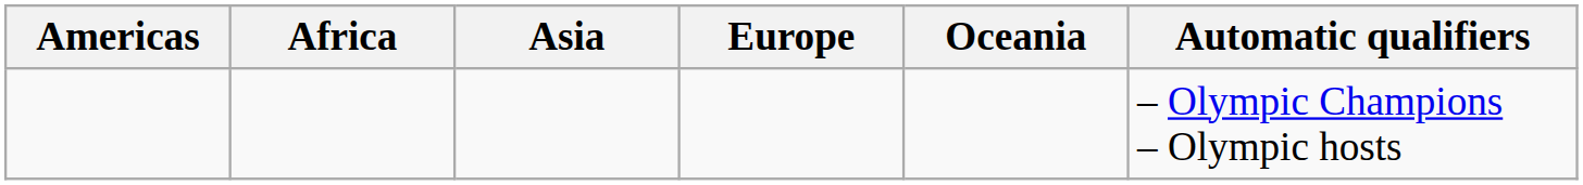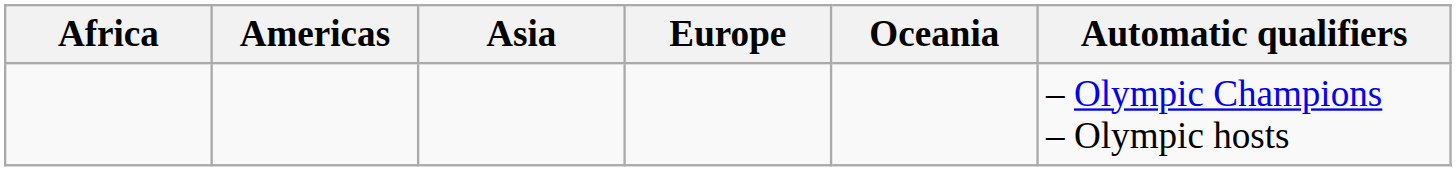 <table class=wikitable width=100%>
 <tr>
+<th width=13%>Africa</th>
 <th width=13%>Americas</th>
-<th width=13%>Africa</th>
 <th width=13%>Asia</th>
 <th width=13%>Europe</th>
 <th width=13%>Oceania</th>
 <th width=26%>Automatic qualifiers</th>
 </tr>
 <tr valign=top>
+<td><br></td>
 <td><br><br></td>
-<td><br></td>
 <td></td>
 <td><br><br></td>
 <td></td>
 <td> – <a href='#'>Olympic Champions</a><br> – Olympic hosts</td>
 </tr>
 </table>
